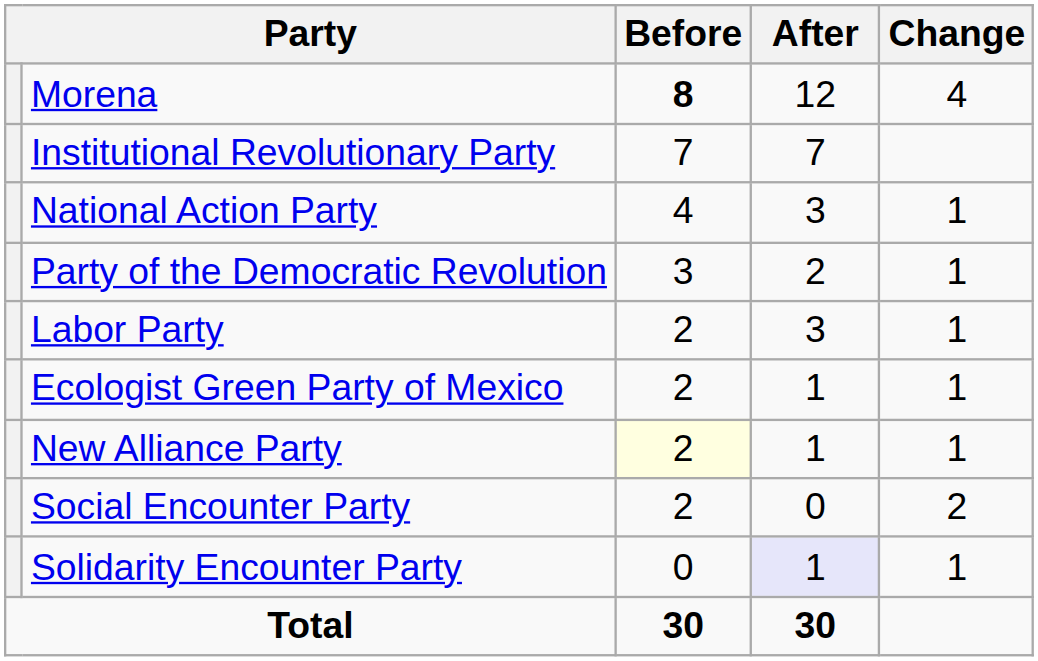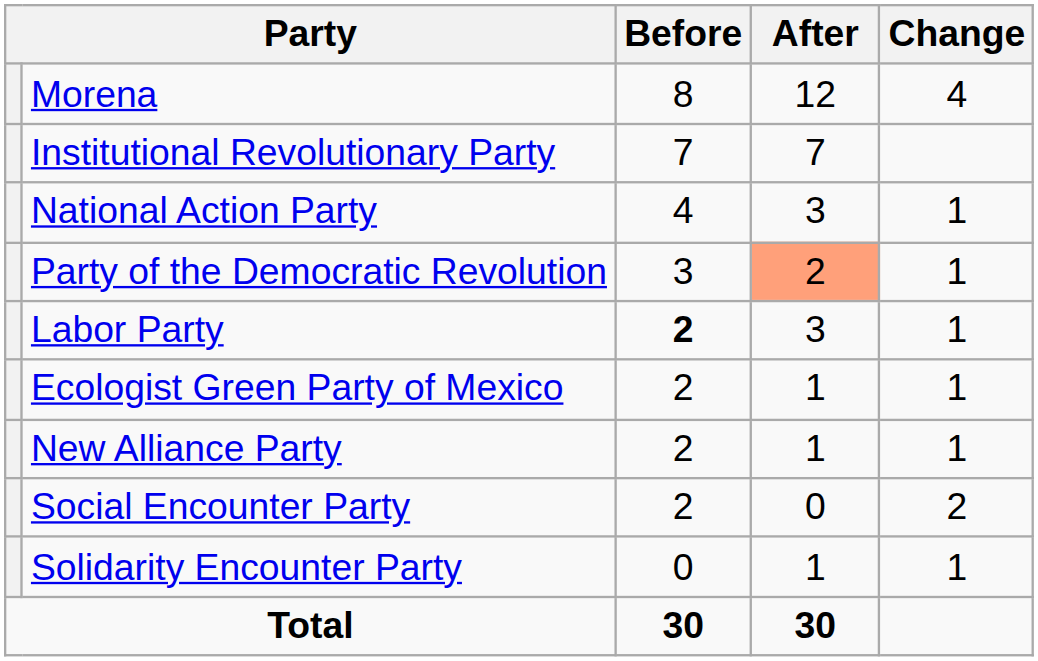 <table class="wikitable" style="text-align:center;">
 <tr>
 <th colspan="2">Party</th>
 <th style="width:3em">Before</th>
 <th style="width:3em">After</th>
 <th style="width:3em">Change</th>
 </tr>
 <tr>
 <th style="background-color:"></th>
 <td style="text-align:left;"><a href='#'>Morena</a></td>
-<td><strong>8</strong></td>
+<td>8</td>
 <td>12</td>
 <td>4</td>
 </tr>
 <tr>
 <th style="background-color:"></th>
 <td style="text-align:left;"><a href='#'>Institutional Revolutionary Party</a></td>
 <td>7</td>
 <td>7</td>
 <td></td>
 </tr>
 <tr>
 <th style="background-color:"></th>
 <td style="text-align:left;"><a href='#'>National Action Party</a></td>
 <td>4</td>
 <td>3</td>
 <td>1</td>
 </tr>
 <tr>
 <th style="background-color:"></th>
 <td style="text-align:left;"><a href='#'>Party of the Democratic Revolution</a></td>
 <td>3</td>
-<td>2</td>
+<td style="background: lightsalmon;">2</td>
 <td>1</td>
 </tr>
 <tr>
 <th style="background-color:"></th>
 <td style="text-align:left;"><a href='#'>Labor Party</a></td>
-<td>2</td>
+<td><strong>2</strong></td>
 <td>3</td>
 <td>1</td>
 </tr>
 <tr>
 <th style="background-color:"></th>
 <td style="text-align:left;"><a href='#'>Ecologist Green Party of Mexico</a></td>
 <td>2</td>
 <td>1</td>
 <td>1</td>
 </tr>
 <tr>
 <th style="background-color:"></th>
 <td style="text-align:left;"><a href='#'>New Alliance Party</a></td>
-<td style="background: lightyellow;">2</td>
+<td>2</td>
 <td>1</td>
 <td>1</td>
 </tr>
 <tr>
 <th style="background-color:"></th>
 <td style="text-align:left;"><a href='#'>Social Encounter Party</a></td>
 <td>2</td>
 <td>0</td>
 <td>2</td>
 </tr>
 <tr>
 <th style="background-color:"></th>
 <td style="text-align:left;"><a href='#'>Solidarity Encounter Party</a></td>
 <td>0</td>
-<td style="background: lavender;">1</td>
+<td>1</td>
 <td>1</td>
 </tr>
 <tr>
 <td colspan="2"><strong>Total</strong></td>
 <td><strong>30</strong></td>
 <td><strong>30</strong></td>
 <td></td>
 </tr>
 </table>
